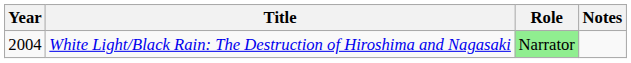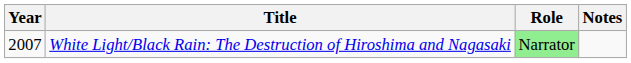 <table class="wikitable sortable plainrowheaders">
 <tr>
 <th>Year</th>
 <th>Title</th>
 <th>Role</th>
 <th class="unsortable">Notes</th>
 </tr>
 <tr>
-<td>2004</td>
+<td>2007</td>
 <td><em><a href='#'>White Light/Black Rain: The Destruction of Hiroshima and Nagasaki</a></em></td>
 <td style="background: lightgreen;">Narrator</td>
 <td></td>
 </tr>
 </table>
